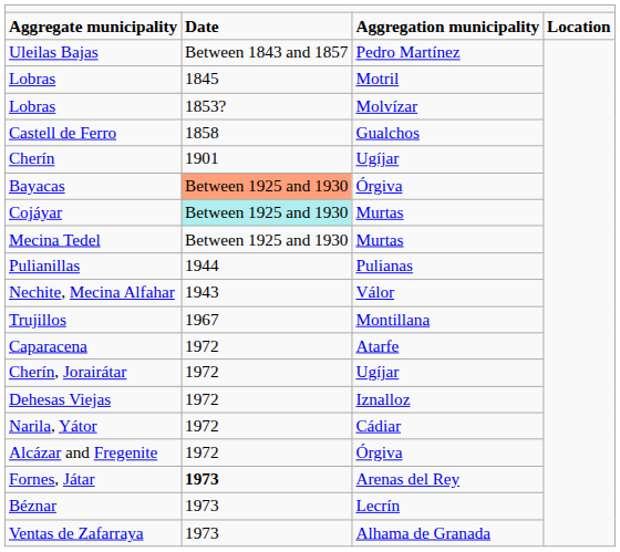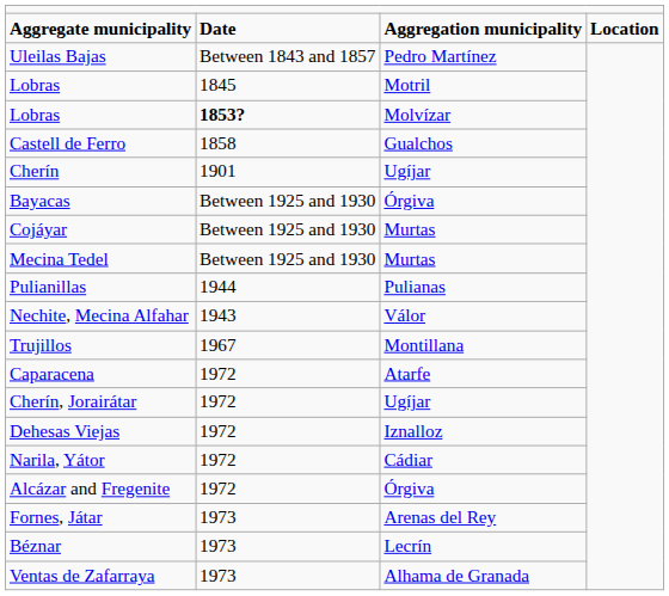 <table class="wikitable">
 <tr>
 <td colspan="4"></td>
 </tr>
 <tr>
 <td><strong>Aggregate municipality</strong></td>
 <td><strong>Date</strong></td>
 <td><strong>Aggregation municipality</strong></td>
 <td><strong>Location</strong></td>
 </tr>
 <tr>
 <td><a href='#'>Uleilas Bajas</a></td>
 <td>Between 1843 and 1857</td>
 <td><a href='#'>Pedro Martínez</a></td>
 <td rowspan="19"></td>
 </tr>
 <tr>
 <td><a href='#'>Lobras</a></td>
 <td>1845</td>
 <td><a href='#'>Motril</a></td>
 </tr>
 <tr>
 <td><a href='#'>Lobras</a></td>
-<td>1853?</td>
+<td><strong>1853?</strong></td>
 <td><a href='#'>Molvízar</a></td>
 </tr>
 <tr>
 <td><a href='#'>Castell de Ferro</a></td>
 <td>1858</td>
 <td><a href='#'>Gualchos</a></td>
 </tr>
 <tr>
 <td><a href='#'>Cherín</a></td>
 <td>1901</td>
 <td><a href='#'>Ugíjar</a></td>
 </tr>
 <tr>
 <td><a href='#'>Bayacas</a></td>
-<td style="background: lightsalmon;">Between 1925 and 1930</td>
+<td>Between 1925 and 1930</td>
 <td><a href='#'>Órgiva</a></td>
 </tr>
 <tr>
 <td><a href='#'>Cojáyar</a></td>
-<td style="background: paleturquoise;">Between 1925 and 1930</td>
+<td>Between 1925 and 1930</td>
 <td><a href='#'>Murtas</a></td>
 </tr>
 <tr>
 <td><a href='#'>Mecina Tedel</a></td>
 <td>Between 1925 and 1930</td>
 <td><a href='#'>Murtas</a></td>
 </tr>
 <tr>
 <td><a href='#'>Pulianillas</a></td>
 <td>1944</td>
 <td><a href='#'>Pulianas</a></td>
 </tr>
 <tr>
 <td><a href='#'>Nechite</a>, <a href='#'>Mecina Alfahar</a></td>
 <td>1943</td>
 <td><a href='#'>Válor</a></td>
 </tr>
 <tr>
 <td><a href='#'>Trujillos</a></td>
 <td>1967</td>
 <td><a href='#'>Montillana</a></td>
 </tr>
 <tr>
 <td><a href='#'>Caparacena</a></td>
 <td>1972</td>
 <td><a href='#'>Atarfe</a></td>
 </tr>
 <tr>
 <td><a href='#'>Cherín</a>, <a href='#'>Jorairátar</a></td>
 <td>1972</td>
 <td><a href='#'>Ugíjar</a></td>
 </tr>
 <tr>
 <td><a href='#'>Dehesas Viejas</a></td>
 <td>1972</td>
 <td><a href='#'>Iznalloz</a></td>
 </tr>
 <tr>
 <td><a href='#'>Narila</a>, <a href='#'>Yátor</a></td>
 <td>1972</td>
 <td><a href='#'>Cádiar</a></td>
 </tr>
 <tr>
 <td><a href='#'>Alcázar</a> and <a href='#'>Fregenite</a></td>
 <td>1972</td>
 <td><a href='#'>Órgiva</a></td>
 </tr>
 <tr>
 <td><a href='#'>Fornes</a>, <a href='#'>Játar</a></td>
-<td><strong>1973</strong></td>
+<td>1973</td>
 <td><a href='#'>Arenas del Rey</a></td>
 </tr>
 <tr>
 <td><a href='#'>Béznar</a></td>
 <td>1973</td>
 <td><a href='#'>Lecrín</a></td>
 </tr>
 <tr>
 <td><a href='#'>Ventas de Zafarraya</a></td>
 <td>1973</td>
 <td><a href='#'>Alhama de Granada</a></td>
 </tr>
 </table>
